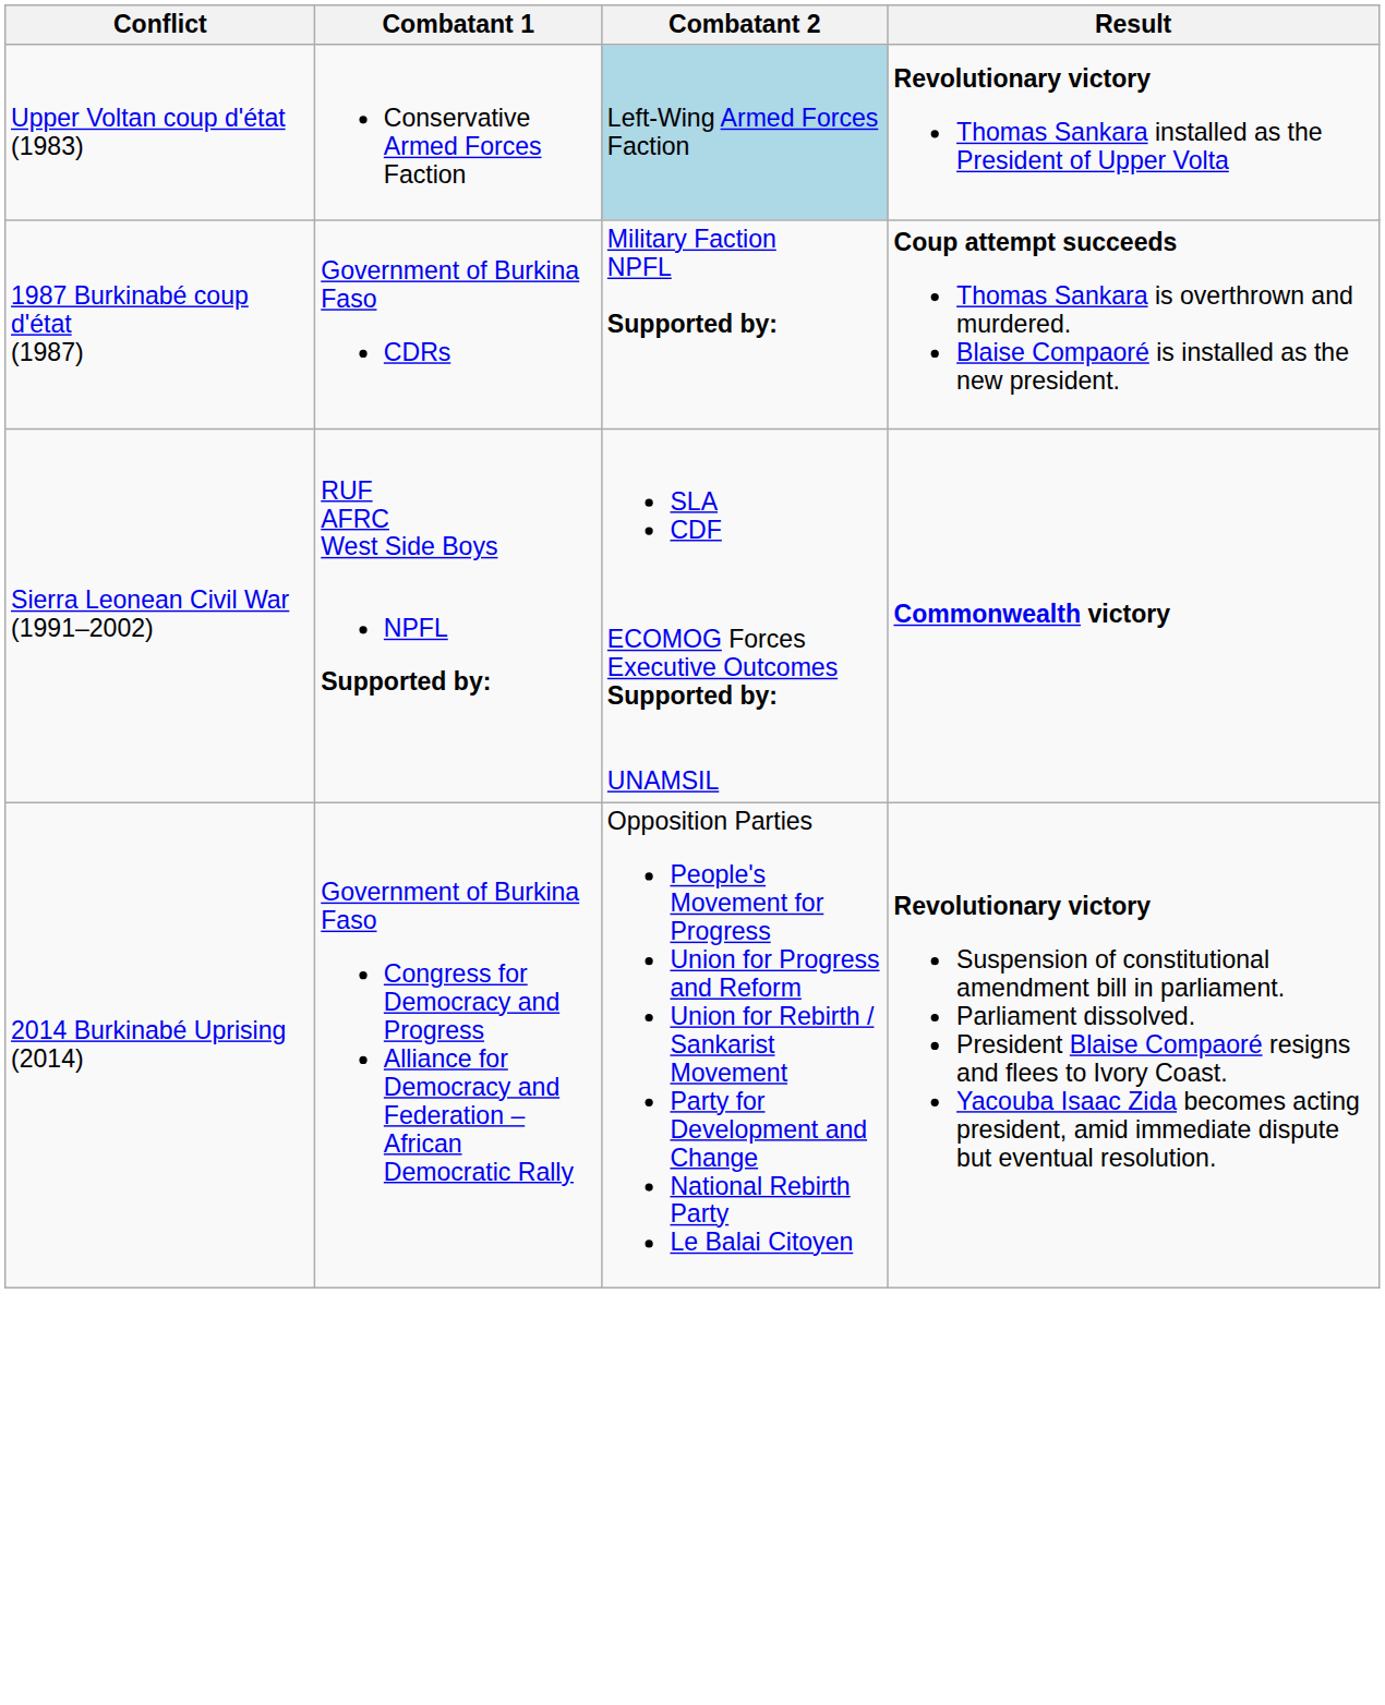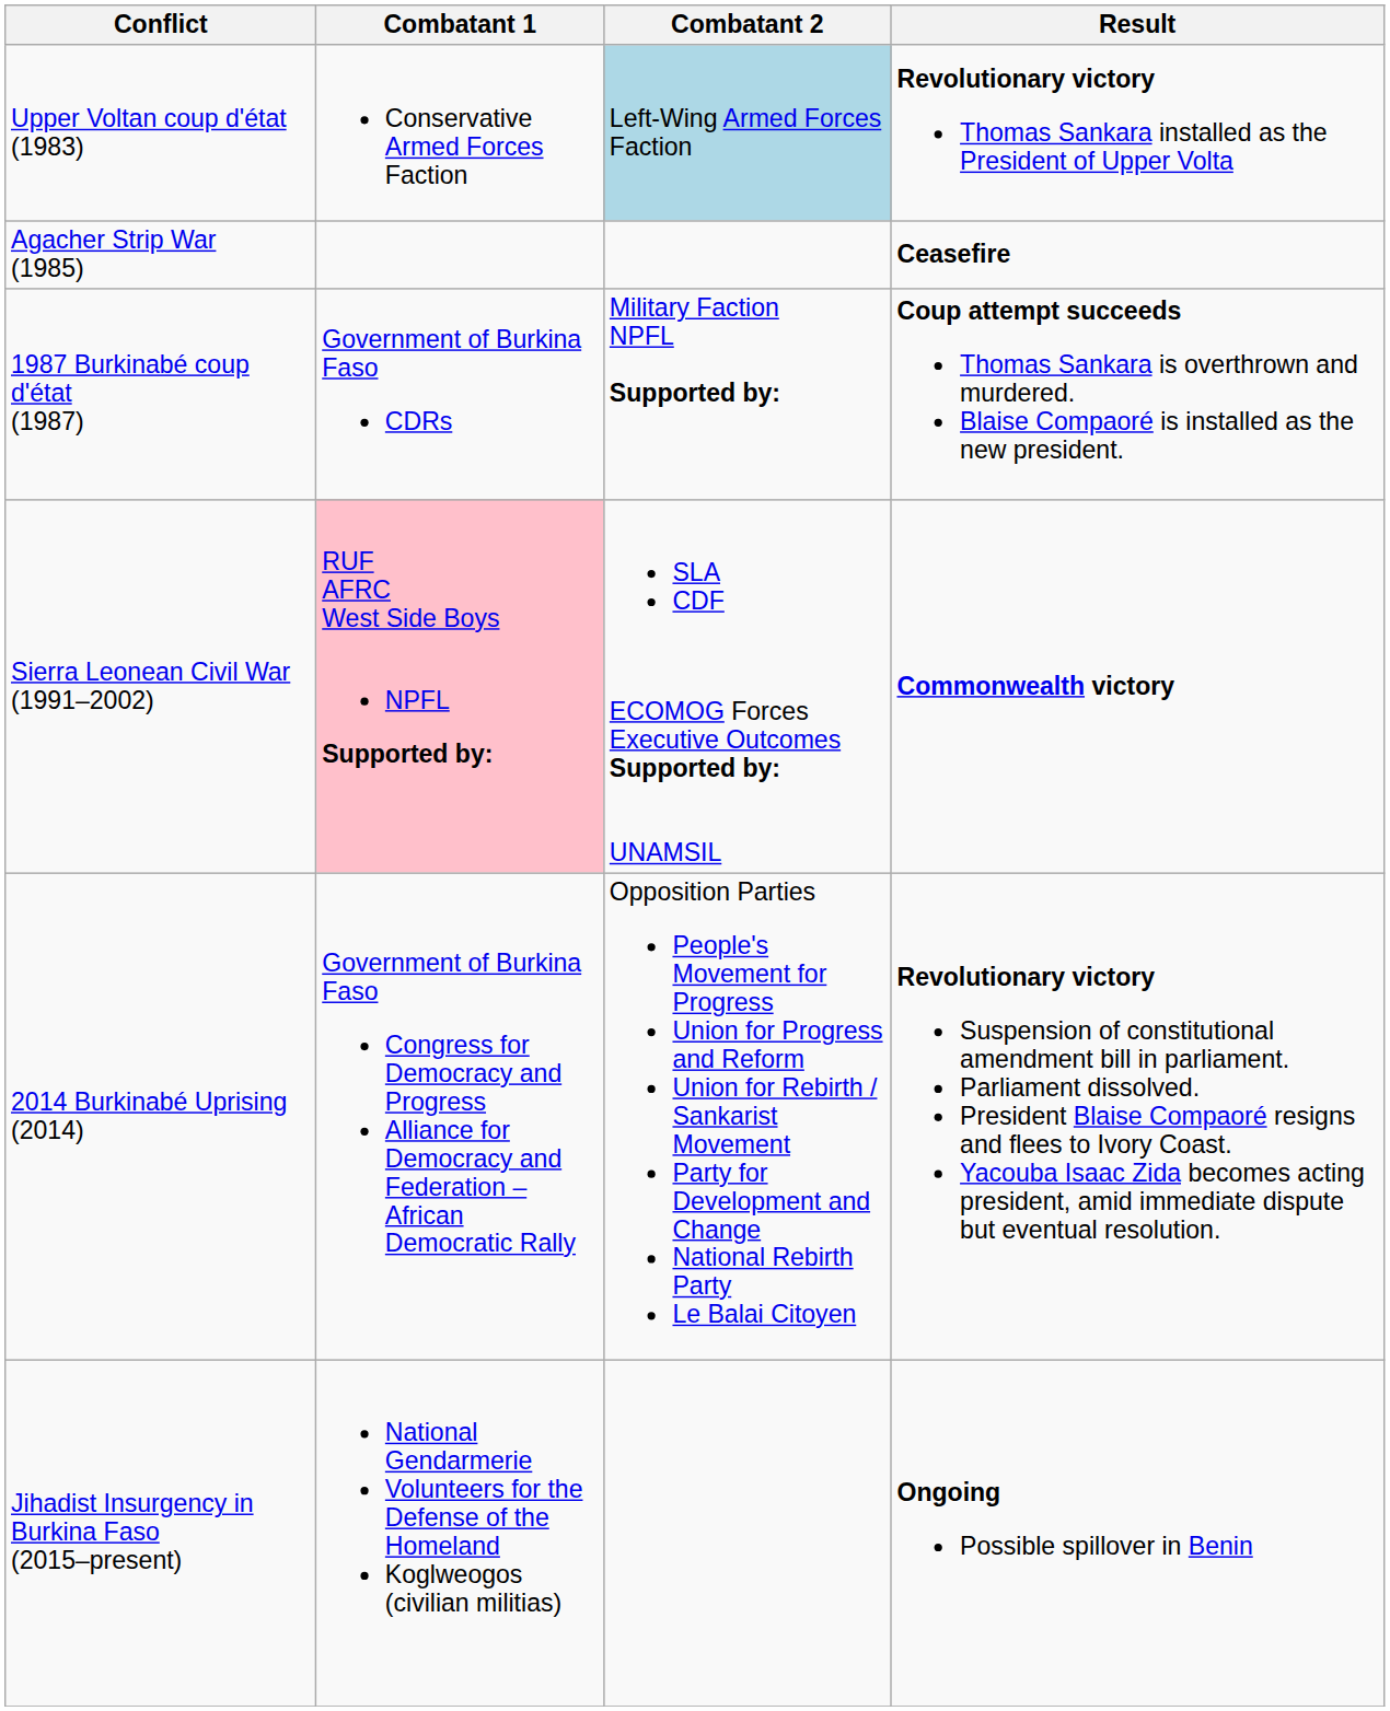 <table class="wikitable">
 <tr>
 <th width="190">Conflict</th>
 <th width="175">Combatant 1</th>
 <th width="175">Combatant 2</th>
 <th width="305">Result</th>
 </tr>
 <tr>
 <td><a href='#'>Upper Voltan coup d'état</a><br>(1983)</td>
 <td><br><ul><li>Conservative <a href='#'>Armed Forces</a> Faction</li></ul></td>
 <td style="background: lightblue;">Left-Wing <a href='#'>Armed Forces</a> Faction</td>
 <td><strong>Revolutionary victory</strong><br><ul><li><a href='#'>Thomas Sankara</a> installed as the <a href='#'>President of Upper Volta</a></li></ul></td>
 </tr>
 <tr>
+<td><a href='#'>Agacher Strip War</a><br>(1985)</td>
+<td></td>
+<td></td>
+<td><strong>Ceasefire</strong></td>
+</tr>
+<tr>
 <td><a href='#'>1987 Burkinabé coup d'état</a><br>(1987)</td>
 <td> <a href='#'>Government of Burkina Faso</a><br><ul><li> <a href='#'>CDRs</a></li></ul></td>
 <td> <a href='#'>Military Faction</a><br> <a href='#'>NPFL</a><br><br><strong>Supported by:</strong><br> <br><br><br></td>
 <td><strong>Coup attempt succeeds</strong><br><ul><li><a href='#'>Thomas Sankara</a> is overthrown and murdered.</li><li><a href='#'>Blaise Compaoré</a> is installed as the new president.</li></ul></td>
 </tr>
 <tr>
 <td><a href='#'>Sierra Leonean Civil War</a><br>(1991–2002)</td>
-<td> <a href='#'>RUF</a><br> <a href='#'>AFRC</a><br><a href='#'>West Side Boys</a><br><br><ul><li><a href='#'>NPFL</a></li></ul><strong>Supported by:</strong><br> <br><br></td>
+<td style="background: pink;"> <a href='#'>RUF</a><br> <a href='#'>AFRC</a><br><a href='#'>West Side Boys</a><br><br><ul><li><a href='#'>NPFL</a></li></ul><strong>Supported by:</strong><br> <br><br></td>
 <td><br><ul><li><a href='#'>SLA</a></li><li><a href='#'>CDF</a></li></ul><br><br><a href='#'>ECOMOG</a> Forces<br><a href='#'>Executive Outcomes</a> <strong>Supported by:</strong><br> <br><br> <a href='#'>UNAMSIL</a></td>
 <td><strong><a href='#'>Commonwealth</a> victory</strong></td>
 </tr>
 <tr>
 <td><a href='#'>2014 Burkinabé Uprising</a><br>(2014)</td>
 <td> <a href='#'>Government of Burkina Faso</a><br><ul><li><a href='#'>Congress for Democracy and Progress</a></li><li><a href='#'>Alliance for Democracy and Federation – African Democratic Rally</a></li></ul></td>
 <td> Opposition Parties<br><ul><li><a href='#'>People's Movement for Progress</a></li><li><a href='#'>Union for Progress and Reform</a></li><li><a href='#'>Union for Rebirth / Sankarist Movement</a></li><li><a href='#'>Party for Development and Change</a></li><li><a href='#'>National Rebirth Party</a></li><li><a href='#'>Le Balai Citoyen</a></li></ul></td>
 <td><strong>Revolutionary victory</strong><br><ul><li>Suspension of constitutional amendment bill in parliament.</li><li>Parliament dissolved.</li><li>President <a href='#'>Blaise Compaoré</a> resigns and flees to Ivory Coast.</li><li><a href='#'>Yacouba Isaac Zida</a> becomes acting president, amid immediate dispute but eventual resolution.</li></ul></td>
 </tr>
+<tr>
+<td><a href='#'>Jihadist Insurgency in Burkina Faso</a><br>(2015–present)</td>
+<td><br><ul><li><a href='#'>National Gendarmerie</a></li><li><a href='#'>Volunteers for the Defense of the Homeland</a></li><li>Koglweogos (civilian militias)</li></ul><br><br></td>
+<td></td>
+<td><strong>Ongoing</strong><br><ul><li>Possible spillover in <a href='#'>Benin</a></li></ul></td>
+</tr>
 </table>
